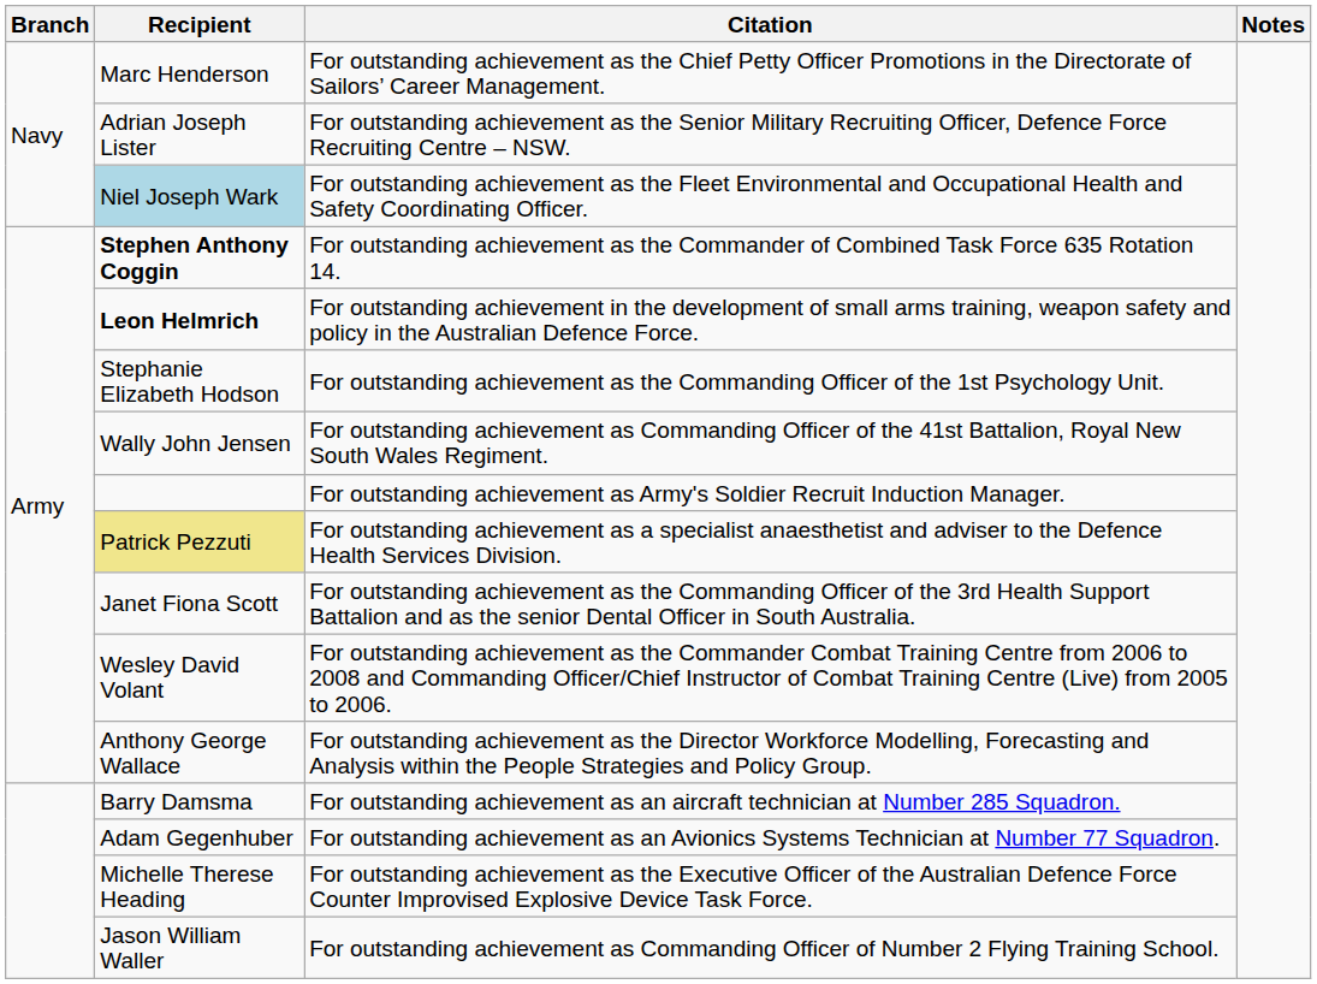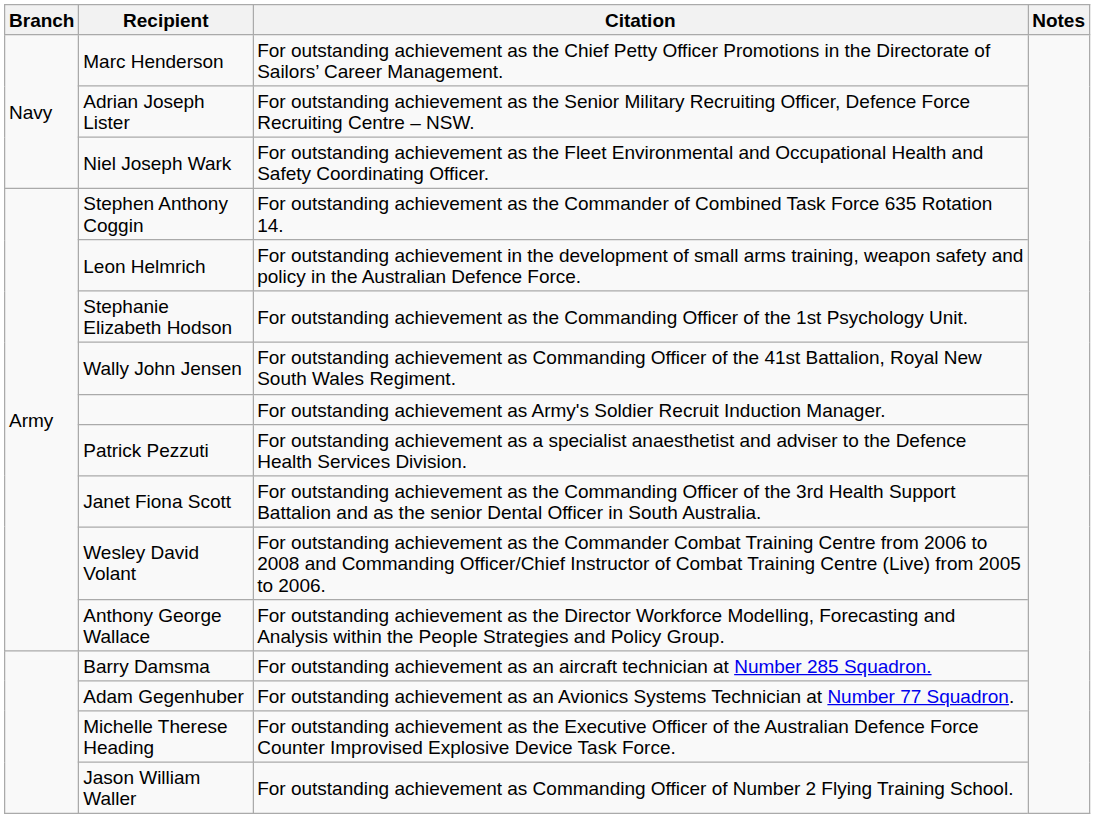 <table class="wikitable" style="font-size:95%;">
 <tr>
 <th>Branch</th>
 <th>Recipient</th>
 <th>Citation</th>
 <th>Notes</th>
 </tr>
 <tr>
 <td rowspan=3>Navy</td>
 <td> Marc Henderson</td>
 <td>For outstanding achievement as the Chief Petty Officer Promotions in the Directorate of Sailors’ Career Management.</td>
 <td rowspan=16></td>
 </tr>
 <tr>
 <td> Adrian Joseph Lister </td>
 <td>For outstanding achievement as the Senior Military Recruiting Officer, Defence Force Recruiting Centre – NSW.</td>
 </tr>
 <tr>
-<td style="background: lightblue;"> Niel Joseph Wark </td>
+<td> Niel Joseph Wark </td>
 <td>For outstanding achievement as the Fleet Environmental and Occupational Health and Safety Coordinating Officer.</td>
 </tr>
 <tr>
 <td rowspan=9>Army</td>
-<td><strong> Stephen Anthony Coggin</strong></td>
+<td> Stephen Anthony Coggin</td>
 <td>For outstanding achievement as the Commander of Combined Task Force 635 Rotation 14.</td>
 </tr>
 <tr>
-<td><strong> Leon Helmrich</strong></td>
+<td> Leon Helmrich</td>
 <td>For outstanding achievement in the development of small arms training, weapon safety and policy in the Australian Defence Force.</td>
 </tr>
 <tr>
 <td> Stephanie Elizabeth Hodson</td>
 <td>For outstanding achievement as the Commanding Officer of the 1st Psychology Unit.</td>
 </tr>
 <tr>
 <td> Wally John Jensen</td>
 <td>For outstanding achievement as Commanding Officer of the 41st Battalion, Royal New South Wales Regiment.</td>
 </tr>
 <tr>
 <td></td>
 <td>For outstanding achievement as Army's Soldier Recruit Induction Manager.</td>
 </tr>
 <tr>
-<td style="background: khaki;"> Patrick Pezzuti </td>
+<td> Patrick Pezzuti </td>
 <td>For outstanding achievement as a specialist anaesthetist and adviser to the Defence Health Services Division.</td>
 </tr>
 <tr>
 <td> Janet Fiona Scott</td>
 <td>For outstanding achievement as the Commanding Officer of the 3rd Health Support Battalion and as the senior Dental Officer in South Australia.</td>
 </tr>
 <tr>
 <td> Wesley David Volant</td>
 <td>For outstanding achievement as the Commander Combat Training Centre from 2006 to 2008 and Commanding Officer/Chief Instructor of Combat Training Centre (Live) from 2005 to 2006.</td>
 </tr>
 <tr>
 <td> Anthony George Wallace</td>
 <td>For outstanding achievement as the Director Workforce Modelling, Forecasting and Analysis within the People Strategies and Policy Group.</td>
 </tr>
 <tr>
 <td rowspan=4></td>
 <td> Barry Damsma</td>
 <td>For outstanding achievement as an aircraft technician at <a href='#'>Number 285 Squadron.</a></td>
 </tr>
 <tr>
 <td> Adam Gegenhuber</td>
 <td>For outstanding achievement as an Avionics Systems Technician at <a href='#'>Number 77 Squadron</a>.</td>
 </tr>
 <tr>
 <td> Michelle Therese Heading</td>
 <td>For outstanding achievement as the Executive Officer of the Australian Defence Force Counter Improvised Explosive Device Task Force.</td>
 </tr>
 <tr>
 <td> Jason William Waller</td>
 <td>For outstanding achievement as Commanding Officer of Number 2 Flying Training School.</td>
 </tr>
 </table>
